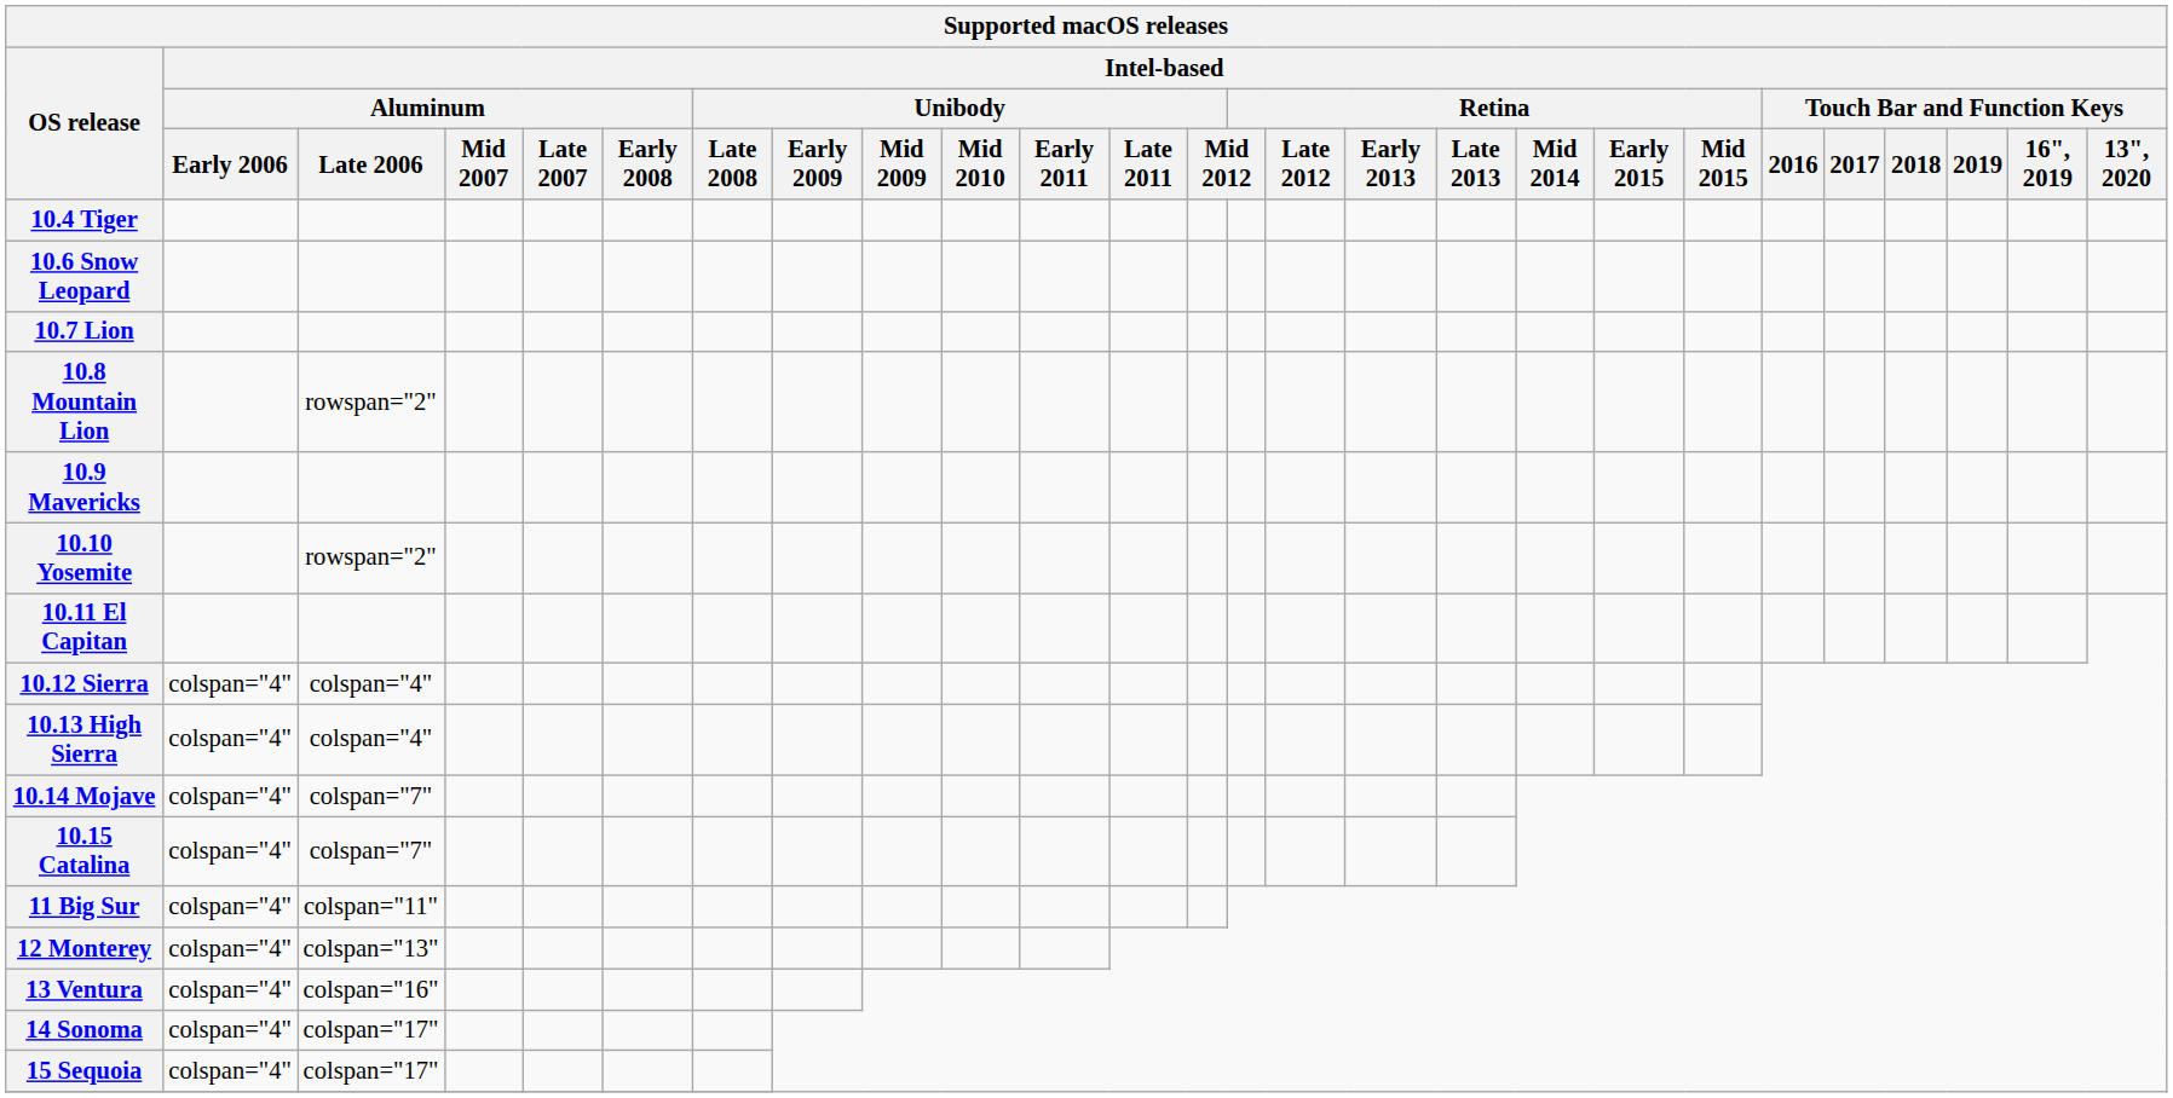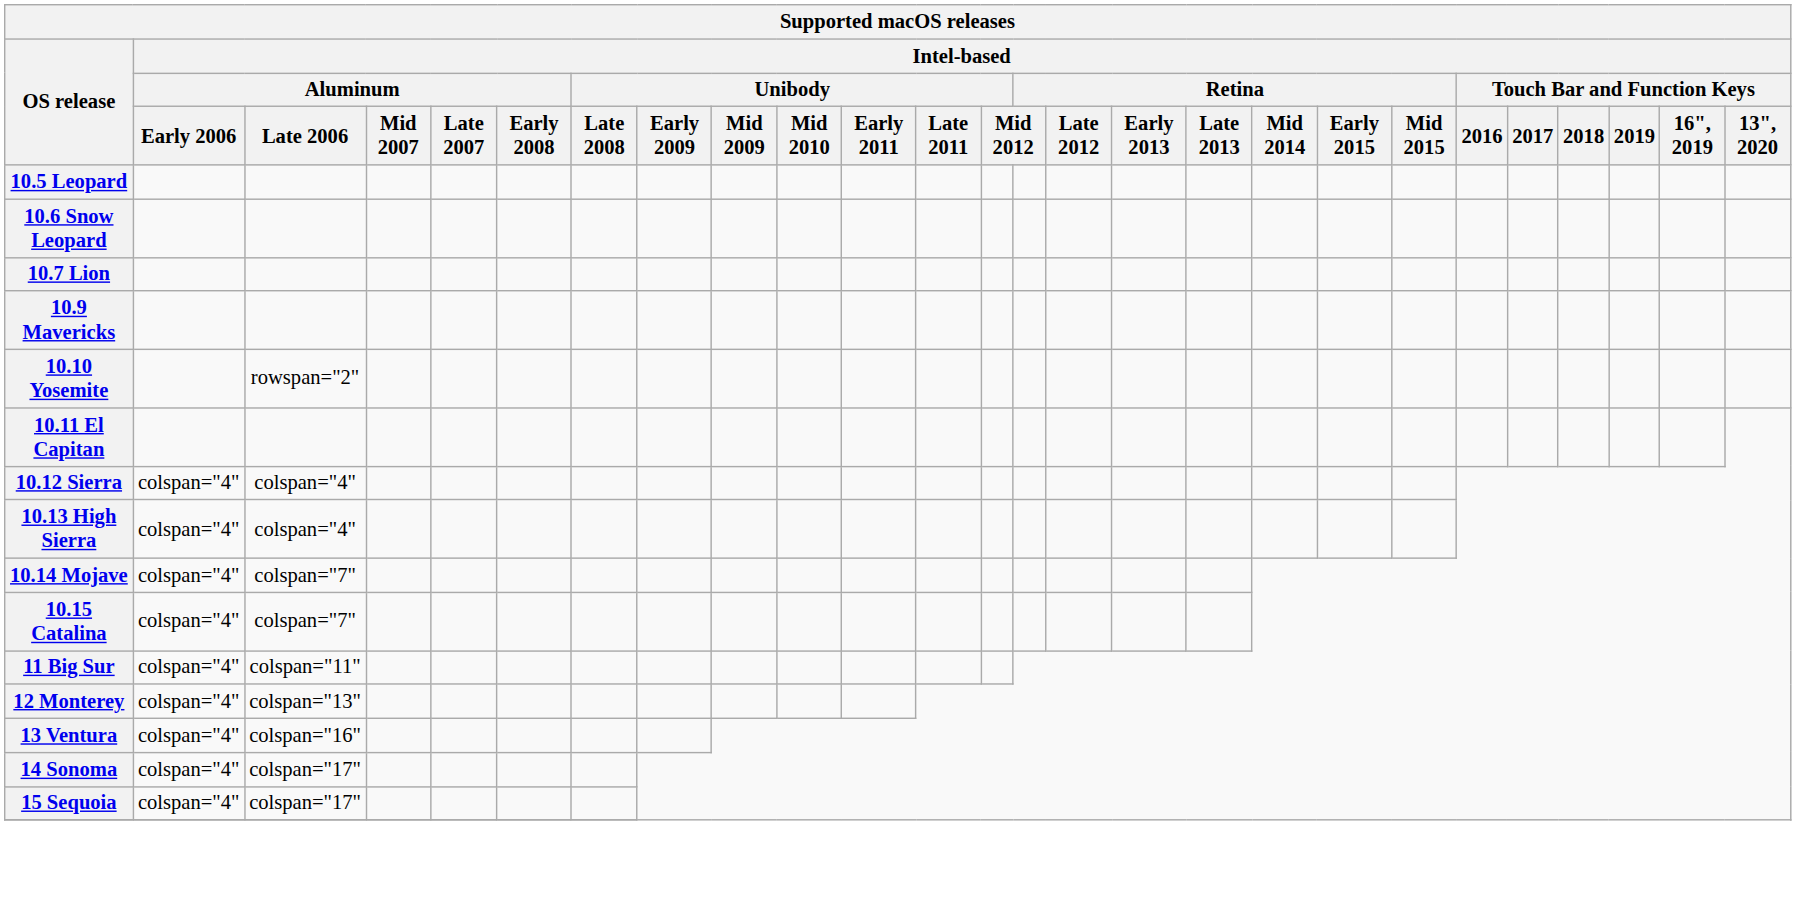 <table class="wikitable" style="font-size:90%; text-align:center">
 <tr>
 <th colspan="26">Supported macOS releases</th>
 </tr>
 <tr>
 <th rowspan=3>OS release</th>
 <th colspan="25">Intel-based</th>
 </tr>
 <tr>
 <th colspan=5>Aluminum</th>
 <th colspan="7">Unibody</th>
 <th colspan=7>Retina</th>
 <th colspan=6>Touch Bar and Function Keys</th>
 </tr>
 <tr>
 <th>Early 2006</th>
 <th>Late 2006</th>
 <th>Mid 2007</th>
 <th>Late 2007</th>
 <th>Early 2008</th>
 <th>Late 2008</th>
 <th>Early 2009</th>
 <th>Mid 2009</th>
 <th>Mid 2010</th>
 <th>Early 2011</th>
 <th>Late 2011</th>
 <th colspan="2">Mid 2012</th>
 <th>Late 2012</th>
 <th>Early 2013</th>
 <th>Late 2013</th>
 <th>Mid 2014</th>
 <th>Early 2015</th>
 <th>Mid 2015</th>
 <th>2016</th>
 <th>2017</th>
 <th>2018</th>
 <th>2019</th>
 <th>16", 2019</th>
 <th>13", 2020</th>
 </tr>
 <tr>
-<th><a href='#'>10.4 Tiger</a></th>
+<th><a href='#'>10.5 Leopard</a></th>
 <td></td>
 <td></td>
 <td></td>
 <td></td>
 <td></td>
 <td></td>
 <td></td>
 <td></td>
 <td></td>
 <td></td>
 <td></td>
 <td></td>
 <td></td>
 <td></td>
 <td></td>
 <td></td>
 <td></td>
 <td></td>
 <td></td>
 <td></td>
 <td></td>
 <td></td>
 <td></td>
 <td></td>
 <td></td>
 </tr>
 <tr>
 <th><a href='#'>10.6 Snow Leopard</a></th>
 <td></td>
 <td></td>
 <td></td>
 <td></td>
 <td></td>
 <td></td>
 <td></td>
 <td></td>
 <td></td>
 <td></td>
 <td></td>
 <td></td>
 <td></td>
 <td></td>
 <td></td>
 <td></td>
 <td></td>
 <td></td>
 <td></td>
 <td></td>
 <td></td>
 <td></td>
 <td></td>
 <td></td>
 <td></td>
 </tr>
 <tr>
 <th><a href='#'>10.7 Lion</a></th>
 <td></td>
 <td></td>
-<td></td>
-<td></td>
-<td></td>
-<td></td>
-<td></td>
-<td></td>
-<td></td>
-<td></td>
-<td></td>
-<td></td>
-<td></td>
-<td></td>
-<td></td>
-<td></td>
-<td></td>
-<td></td>
-<td></td>
-<td></td>
-<td></td>
-<td></td>
-<td></td>
-<td></td>
-<td></td>
-</tr>
-<tr>
-<th><a href='#'>10.8 Mountain Lion</a></th>
-<td></td>
-<td>rowspan="2"</td>
 <td></td>
 <td></td>
 <td></td>
 <td></td>
 <td></td>
 <td></td>
 <td></td>
 <td></td>
 <td></td>
 <td></td>
 <td></td>
 <td></td>
 <td></td>
 <td></td>
 <td></td>
 <td></td>
 <td></td>
 <td></td>
 <td></td>
 <td></td>
 <td></td>
 <td></td>
 <td></td>
 </tr>
 <tr>
 <th><a href='#'>10.9 Mavericks</a></th>
 <td></td>
 <td></td>
 <td></td>
 <td></td>
 <td></td>
 <td></td>
 <td></td>
 <td></td>
 <td></td>
 <td></td>
 <td></td>
 <td></td>
 <td></td>
 <td></td>
 <td></td>
 <td></td>
 <td></td>
 <td></td>
 <td></td>
 <td></td>
 <td></td>
 <td></td>
 <td></td>
 <td></td>
 </tr>
 <tr>
 <th><a href='#'>10.10 Yosemite</a></th>
 <td></td>
 <td>rowspan="2"</td>
 <td></td>
 <td></td>
 <td></td>
 <td></td>
 <td></td>
 <td></td>
 <td></td>
 <td></td>
 <td></td>
 <td></td>
 <td></td>
 <td></td>
 <td></td>
 <td></td>
 <td></td>
 <td></td>
 <td></td>
 <td></td>
 <td></td>
 <td></td>
 <td></td>
 <td></td>
 <td></td>
 </tr>
 <tr>
 <th><a href='#'>10.11 El Capitan</a></th>
 <td></td>
 <td></td>
 <td></td>
 <td></td>
 <td></td>
 <td></td>
 <td></td>
 <td></td>
 <td></td>
 <td></td>
 <td></td>
 <td></td>
 <td></td>
 <td></td>
 <td></td>
 <td></td>
 <td></td>
 <td></td>
 <td></td>
 <td></td>
 <td></td>
 <td></td>
 <td></td>
 <td></td>
 </tr>
 <tr>
 <th><a href='#'>10.12 Sierra</a></th>
 <td>colspan="4"</td>
 <td>colspan="4"</td>
 <td></td>
 <td></td>
 <td></td>
 <td></td>
 <td></td>
 <td></td>
 <td></td>
 <td></td>
 <td></td>
 <td></td>
 <td></td>
 <td></td>
 <td></td>
 <td></td>
 <td></td>
 <td></td>
 <td></td>
 </tr>
 <tr>
 <th><a href='#'>10.13 High Sierra</a></th>
 <td>colspan="4"</td>
 <td>colspan="4"</td>
 <td></td>
 <td></td>
 <td></td>
 <td></td>
 <td></td>
 <td></td>
 <td></td>
 <td></td>
 <td></td>
 <td></td>
 <td></td>
 <td></td>
 <td></td>
 <td></td>
 <td></td>
 <td></td>
 <td></td>
 </tr>
 <tr>
 <th><a href='#'>10.14 Mojave</a></th>
 <td>colspan="4"</td>
 <td>colspan="7"</td>
 <td></td>
 <td></td>
 <td></td>
 <td></td>
 <td></td>
 <td></td>
 <td></td>
 <td></td>
 <td></td>
 <td></td>
 <td></td>
 <td></td>
 <td></td>
 <td></td>
 </tr>
 <tr>
 <th><a href='#'>10.15 Catalina</a></th>
 <td>colspan="4"</td>
 <td>colspan="7"</td>
 <td></td>
 <td></td>
 <td></td>
 <td></td>
 <td></td>
 <td></td>
 <td></td>
 <td></td>
 <td></td>
 <td></td>
 <td></td>
 <td></td>
 <td></td>
 <td></td>
 </tr>
 <tr>
 <th><a href='#'>11 Big Sur</a></th>
 <td>colspan="4"</td>
 <td>colspan="11"</td>
 <td></td>
 <td></td>
 <td></td>
 <td></td>
 <td></td>
 <td></td>
 <td></td>
 <td></td>
 <td></td>
 <td></td>
 </tr>
 <tr>
 <th><a href='#'>12 Monterey</a></th>
 <td>colspan="4"</td>
 <td>colspan="13" </td>
 <td></td>
 <td></td>
 <td></td>
 <td></td>
 <td></td>
 <td></td>
 <td></td>
 <td></td>
 </tr>
 <tr>
 <th><a href='#'>13 Ventura</a></th>
 <td>colspan="4"</td>
 <td>colspan="16"</td>
 <td></td>
 <td></td>
 <td></td>
 <td></td>
 <td></td>
 </tr>
 <tr>
 <th><a href='#'>14 Sonoma</a></th>
 <td>colspan="4"</td>
 <td>colspan="17"</td>
 <td></td>
 <td></td>
 <td></td>
 <td></td>
 </tr>
 <tr>
 <th><a href='#'>15 Sequoia</a></th>
 <td>colspan="4"</td>
 <td>colspan="17"</td>
 <td></td>
 <td></td>
 <td></td>
 <td></td>
 </tr>
 <tr>
 </tr>
 </table>
